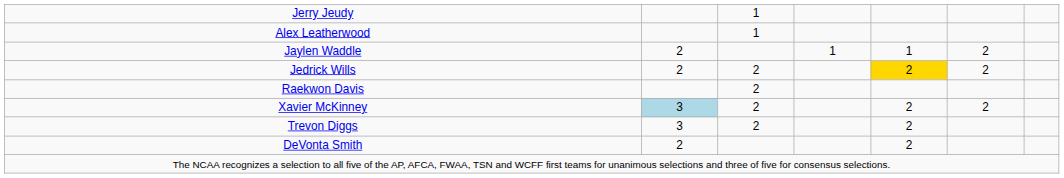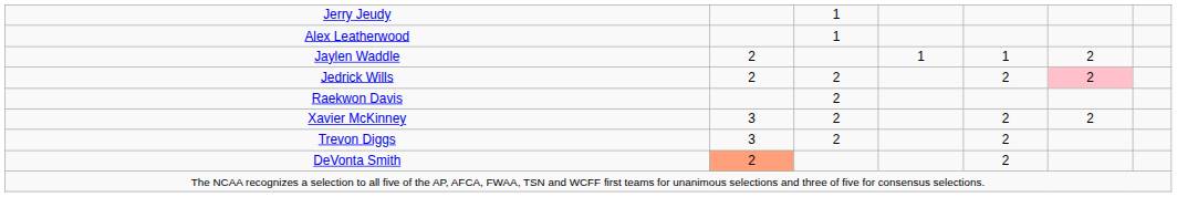 <table class="wikitable" style="width: 90%;text-align: center;">
 <tr align="center">
 <td><a href='#'>Jerry Jeudy</a></td>
 <td></td>
 <td>1</td>
 <td></td>
 <td></td>
 <td></td>
 <td></td>
 </tr>
 <tr>
 <td><a href='#'>Alex Leatherwood</a></td>
 <td></td>
 <td>1</td>
 <td></td>
 <td></td>
 <td></td>
 <td></td>
 </tr>
 <tr>
 <td><a href='#'>Jaylen Waddle</a></td>
 <td>2</td>
 <td></td>
 <td>1</td>
 <td>1</td>
 <td>2</td>
 <td></td>
 </tr>
 <tr>
 <td><a href='#'>Jedrick Wills</a></td>
 <td>2</td>
 <td>2</td>
 <td></td>
-<td style="background: gold;">2</td>
 <td>2</td>
+<td style="background: pink;">2</td>
 <td></td>
 </tr>
 <tr>
 <td><a href='#'>Raekwon Davis</a></td>
 <td></td>
 <td>2</td>
 <td></td>
 <td></td>
 <td></td>
 <td></td>
 </tr>
 <tr>
 <td><a href='#'>Xavier McKinney</a></td>
-<td style="background: lightblue;">3</td>
+<td>3</td>
 <td>2</td>
 <td></td>
 <td>2</td>
 <td>2</td>
 <td></td>
 </tr>
 <tr>
 <td><a href='#'>Trevon Diggs</a></td>
 <td>3</td>
 <td>2</td>
 <td></td>
 <td>2</td>
 <td></td>
 <td></td>
 </tr>
 <tr>
 <td><a href='#'>DeVonta Smith</a></td>
-<td>2</td>
+<td style="background: lightsalmon;">2</td>
 <td></td>
 <td></td>
 <td>2</td>
 <td></td>
 <td></td>
 </tr>
 <tr align="center">
 <td colspan=7><small>The NCAA recognizes a selection to all five of the AP, AFCA, FWAA, TSN and WCFF first teams for unanimous selections and three of five for consensus selections.</small></td>
 </tr>
 </table>
